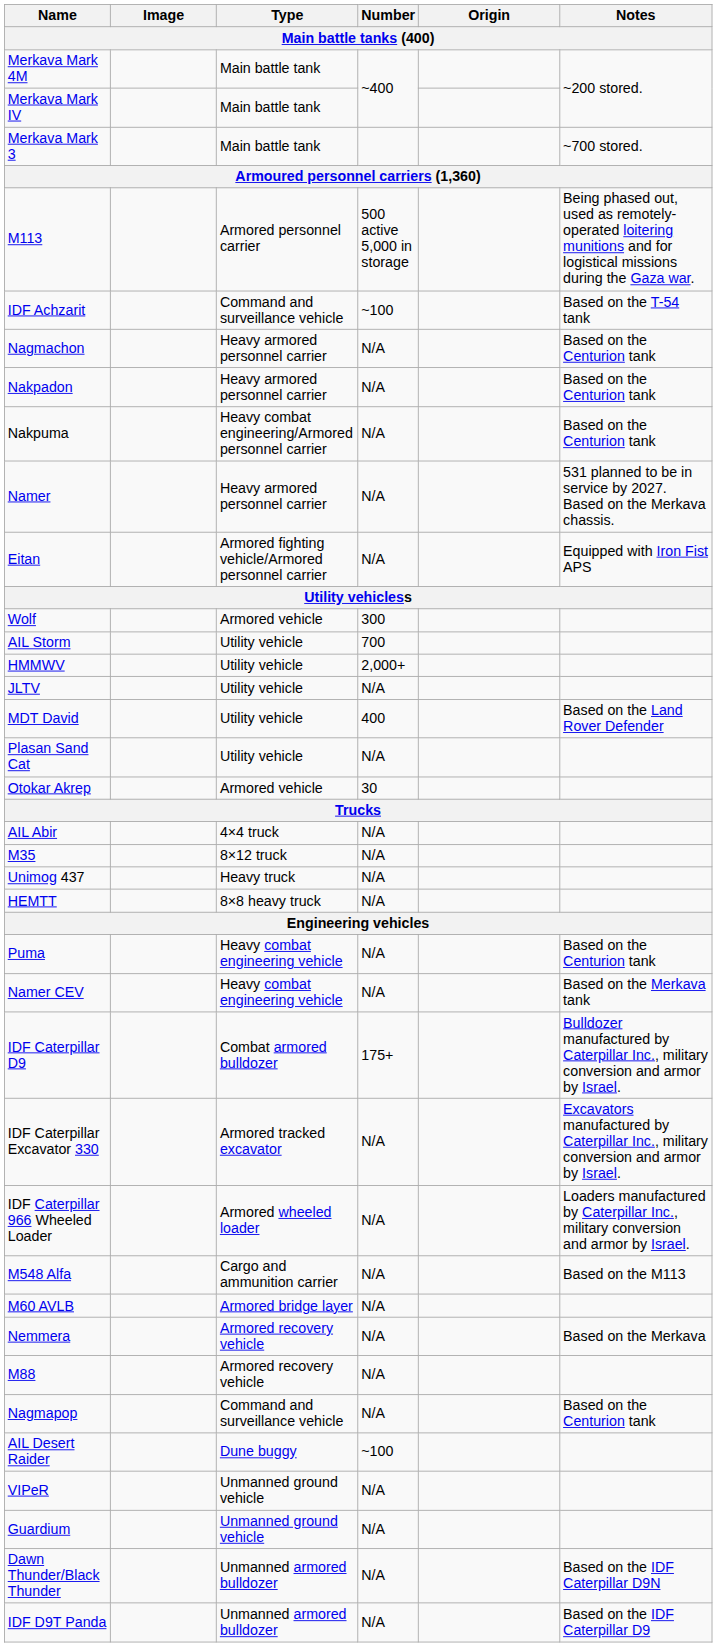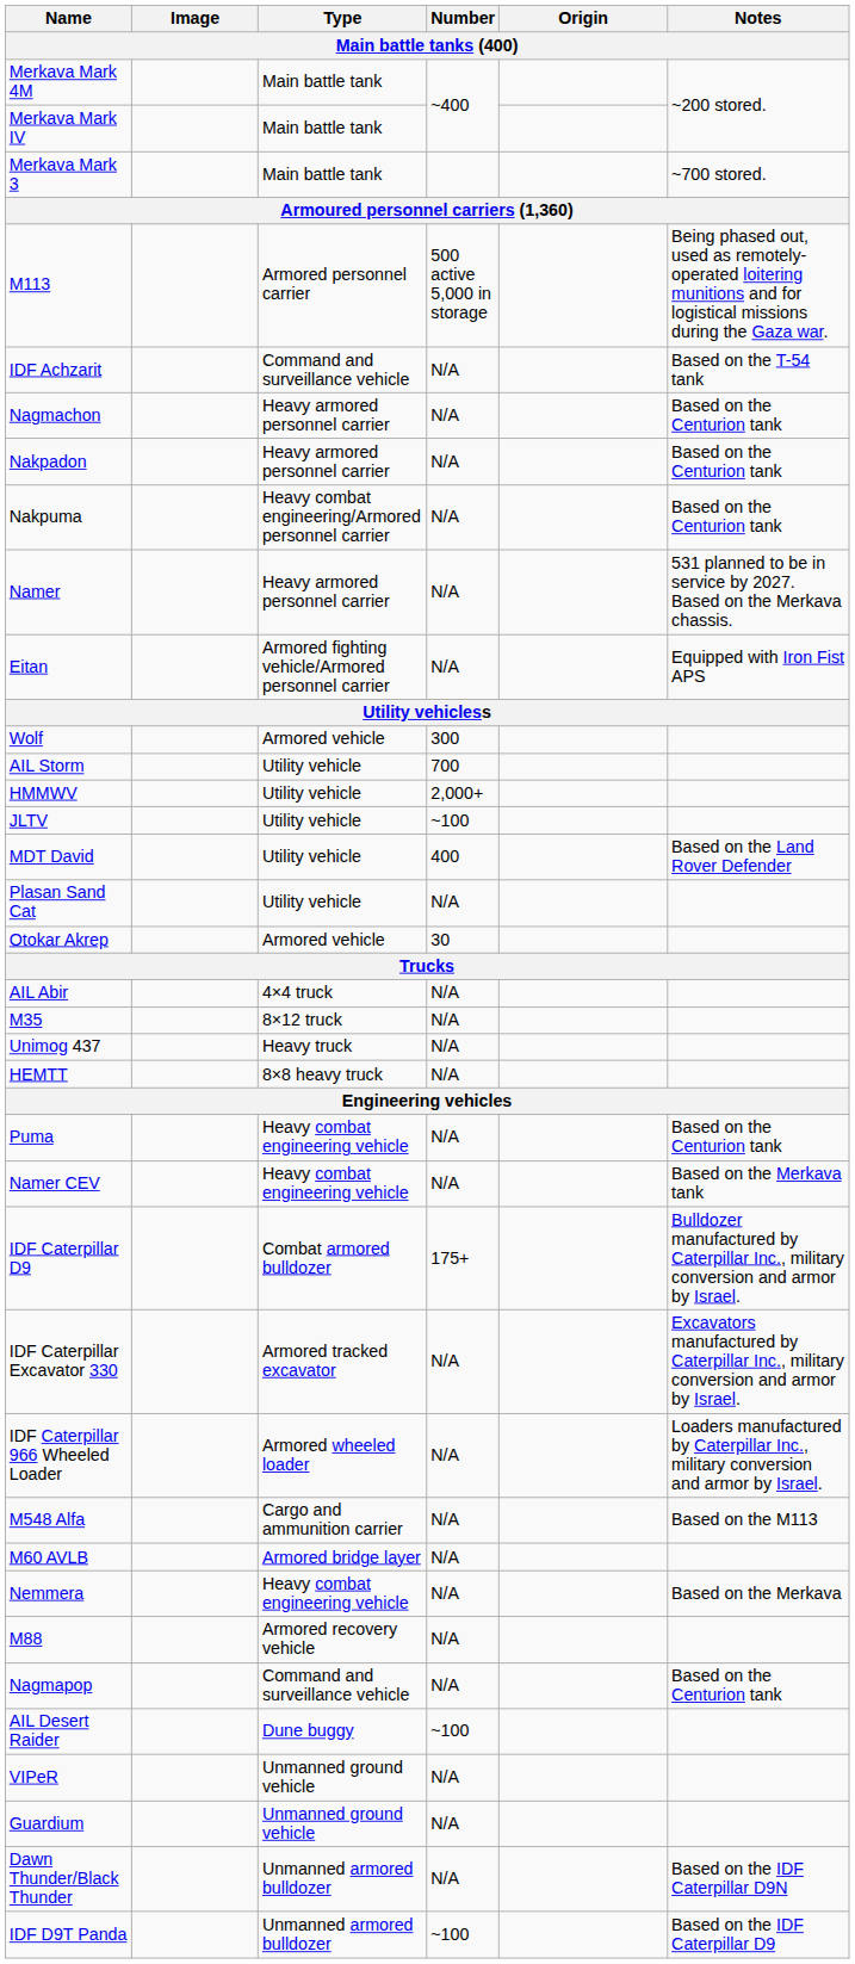 <table class="wikitable" style="width:90%;">
 <tr>
 <th style="width:15%;">Name</th>
 <th style="width:15%;">Image</th>
 <th style="width:20%;">Type</th>
 <th style="width:7%;">Number</th>
 <th style="width:20%;">Origin</th>
 <th>Notes</th>
 </tr>
 <tr>
 <th colspan="6" style="align: center;"><a href='#'>Main battle tanks</a> (400)</th>
 </tr>
 <tr>
 <td><a href='#'>Merkava Mark 4M</a></td>
 <td></td>
 <td>Main battle tank</td>
 <td rowspan="2">~400</td>
 <td></td>
 <td rowspan="2">~200 stored.</td>
 </tr>
 <tr>
 <td><a href='#'>Merkava Mark IV</a></td>
 <td></td>
 <td>Main battle tank</td>
 <td></td>
 </tr>
 <tr>
 <td><a href='#'>Merkava Mark 3</a></td>
 <td></td>
 <td>Main battle tank</td>
 <td></td>
 <td></td>
 <td>~700 stored.</td>
 </tr>
 <tr>
 <th colspan="6" style="align: center;"><a href='#'>Armoured personnel carriers</a> (1,360)</th>
 </tr>
 <tr>
 <td><a href='#'>M113</a></td>
 <td></td>
 <td>Armored personnel carrier</td>
 <td>500 active<br>5,000 in storage</td>
 <td><br></td>
 <td>Being phased out, used as remotely-operated <a href='#'>loitering munitions</a> and for logistical missions during the <a href='#'>Gaza war</a>.</td>
 </tr>
 <tr>
 <td><a href='#'>IDF Achzarit</a></td>
 <td></td>
 <td>Command and surveillance vehicle</td>
-<td>~100</td>
+<td>N/A</td>
 <td></td>
 <td>Based on the <a href='#'>T-54</a> tank</td>
 </tr>
 <tr>
 <td><a href='#'>Nagmachon</a></td>
 <td></td>
 <td>Heavy armored personnel carrier</td>
 <td>N/A</td>
 <td><br></td>
 <td>Based on the <a href='#'>Centurion</a> tank</td>
 </tr>
 <tr>
 <td><a href='#'>Nakpadon</a></td>
 <td></td>
 <td>Heavy armored personnel carrier</td>
 <td>N/A</td>
 <td><br></td>
 <td>Based on the <a href='#'>Centurion</a> tank</td>
 </tr>
 <tr>
 <td>Nakpuma</td>
 <td></td>
 <td>Heavy combat engineering/Armored personnel carrier</td>
 <td>N/A</td>
 <td><br></td>
 <td>Based on the <a href='#'>Centurion</a> tank</td>
 </tr>
 <tr>
 <td><a href='#'>Namer</a></td>
 <td></td>
 <td>Heavy armored personnel carrier</td>
 <td>N/A</td>
 <td></td>
 <td>531 planned to be in service by 2027. Based on the Merkava chassis.</td>
 </tr>
 <tr>
 <td><a href='#'>Eitan</a></td>
 <td></td>
 <td>Armored fighting vehicle/Armored personnel carrier</td>
 <td>N/A</td>
 <td></td>
 <td>Equipped with <a href='#'>Iron Fist</a> APS</td>
 </tr>
 <tr>
 <th colspan="6" style="align: center;"><a href='#'>Utility vehicles</a>s</th>
 </tr>
 <tr>
 <td><a href='#'>Wolf</a> </td>
 <td></td>
 <td>Armored vehicle</td>
 <td>300</td>
 <td></td>
 <td></td>
 </tr>
 <tr>
 <td><a href='#'>AIL Storm</a> </td>
 <td></td>
 <td>Utility vehicle</td>
 <td>700</td>
 <td></td>
 <td></td>
 </tr>
 <tr>
 <td><a href='#'>HMMWV</a> </td>
 <td></td>
 <td>Utility vehicle</td>
 <td>2,000+</td>
 <td></td>
 <td></td>
 </tr>
 <tr>
 <td><a href='#'>JLTV</a></td>
 <td></td>
 <td>Utility vehicle</td>
-<td>N/A</td>
+<td>~100</td>
 <td></td>
 </tr>
 <tr>
 <td><a href='#'>MDT David</a> </td>
 <td></td>
 <td>Utility vehicle</td>
 <td>400</td>
 <td><br></td>
 <td>Based on the <a href='#'>Land Rover Defender</a></td>
 </tr>
 <tr>
 <td><a href='#'>Plasan Sand Cat</a></td>
 <td></td>
 <td>Utility vehicle</td>
 <td>N/A</td>
 <td></td>
 <td></td>
 </tr>
 <tr>
 <td><a href='#'>Otokar Akrep</a> </td>
 <td></td>
 <td>Armored vehicle</td>
 <td>30</td>
 <td></td>
 <td></td>
 </tr>
 <tr>
 <th colspan="6" style="align: center;"><a href='#'>Trucks</a></th>
 </tr>
 <tr>
 <td><a href='#'>AIL Abir</a> </td>
 <td></td>
 <td>4×4 truck</td>
 <td>N/A</td>
 <td></td>
 <td></td>
 </tr>
 <tr>
 <td><a href='#'>M35</a> </td>
 <td></td>
 <td>8×12 truck</td>
 <td>N/A</td>
 <td></td>
 <td></td>
 </tr>
 <tr>
 <td><a href='#'>Unimog</a> 437</td>
 <td></td>
 <td>Heavy truck</td>
 <td>N/A</td>
 <td></td>
 <td></td>
 </tr>
 <tr>
 <td><a href='#'>HEMTT</a> </td>
 <td></td>
 <td>8×8 heavy truck</td>
 <td>N/A</td>
 <td></td>
 <td></td>
 </tr>
 <tr>
 <th colspan="6" style="align: center;">Engineering vehicles</th>
 </tr>
 <tr>
 <td><a href='#'>Puma</a></td>
 <td></td>
 <td>Heavy <a href='#'>combat engineering vehicle</a></td>
 <td>N/A</td>
 <td><br></td>
 <td>Based on the <a href='#'>Centurion</a> tank</td>
 </tr>
 <tr>
 <td><a href='#'>Namer CEV</a></td>
 <td></td>
 <td>Heavy <a href='#'>combat engineering vehicle</a></td>
 <td>N/A</td>
 <td></td>
 <td>Based on the <a href='#'>Merkava</a> tank</td>
 </tr>
 <tr>
 <td><a href='#'>IDF Caterpillar D9</a> </td>
 <td></td>
 <td>Combat <a href='#'>armored bulldozer</a></td>
 <td>175+</td>
 <td><br></td>
 <td><a href='#'>Bulldozer</a> manufactured by <a href='#'>Caterpillar Inc.</a>, military conversion and armor by <a href='#'>Israel</a>.</td>
 </tr>
 <tr>
 <td>IDF Caterpillar Excavator <a href='#'>330</a></td>
 <td></td>
 <td>Armored tracked <a href='#'>excavator</a></td>
 <td>N/A</td>
 <td><br></td>
 <td><a href='#'>Excavators</a> manufactured by <a href='#'>Caterpillar Inc.</a>, military conversion and armor by <a href='#'>Israel</a>.</td>
 </tr>
 <tr>
 <td>IDF <a href='#'>Caterpillar 966</a> Wheeled Loader</td>
 <td></td>
 <td>Armored <a href='#'>wheeled loader</a></td>
 <td>N/A</td>
 <td><br></td>
 <td>Loaders manufactured by <a href='#'>Caterpillar Inc.</a>, military conversion and armor by <a href='#'>Israel</a>.</td>
 </tr>
 <tr>
 <td><a href='#'>M548 Alfa</a> </td>
 <td></td>
 <td>Cargo and ammunition carrier</td>
 <td>N/A</td>
 <td><br></td>
 <td>Based on the M113</td>
 </tr>
 <tr>
 <td><a href='#'>M60 AVLB</a></td>
 <td></td>
 <td><a href='#'>Armored bridge layer</a></td>
 <td>N/A</td>
 <td></td>
 <td></td>
 </tr>
 <tr>
 <td><a href='#'>Nemmera</a> </td>
 <td></td>
-<td><a href='#'>Armored recovery vehicle</a></td>
+<td>Heavy <a href='#'>combat engineering vehicle</a></td>
 <td>N/A</td>
 <td></td>
 <td>Based on the Merkava</td>
 </tr>
 <tr>
 <td><a href='#'>M88</a></td>
 <td></td>
 <td>Armored recovery vehicle</td>
 <td>N/A</td>
 <td></td>
 <td></td>
 </tr>
 <tr>
 <td><a href='#'>Nagmapop</a> </td>
 <td></td>
 <td>Command and surveillance vehicle</td>
 <td>N/A</td>
 <td><br></td>
 <td>Based on the <a href='#'>Centurion</a> tank</td>
 </tr>
 <tr>
 <td><a href='#'>AIL Desert Raider</a> </td>
 <td></td>
 <td><a href='#'>Dune buggy</a></td>
 <td>~100</td>
 <td></td>
 <td></td>
 </tr>
 <tr>
 <td><a href='#'>VIPeR</a> </td>
 <td></td>
 <td>Unmanned ground vehicle</td>
 <td>N/A</td>
 <td></td>
 <td></td>
 </tr>
 <tr>
 <td><a href='#'>Guardium</a> </td>
 <td></td>
 <td><a href='#'>Unmanned ground vehicle</a></td>
 <td>N/A</td>
 <td></td>
 <td></td>
 </tr>
 <tr>
 <td><a href='#'>Dawn Thunder/Black Thunder</a> </td>
 <td></td>
 <td>Unmanned <a href='#'>armored bulldozer</a></td>
 <td>N/A</td>
 <td><br></td>
 <td>Based on the <a href='#'>IDF Caterpillar D9N</a></td>
 </tr>
 <tr>
 <td><a href='#'>IDF D9T Panda</a> </td>
 <td></td>
 <td>Unmanned <a href='#'>armored bulldozer</a></td>
-<td>N/A</td>
+<td>~100</td>
 <td><br></td>
 <td>Based on the <a href='#'>IDF Caterpillar D9</a></td>
 </tr>
 </table>
